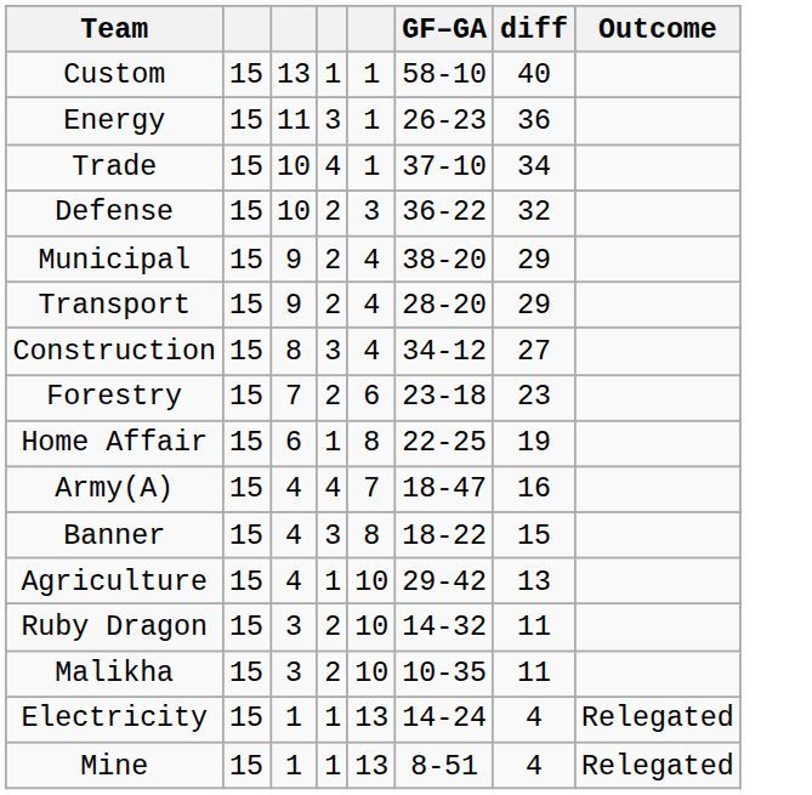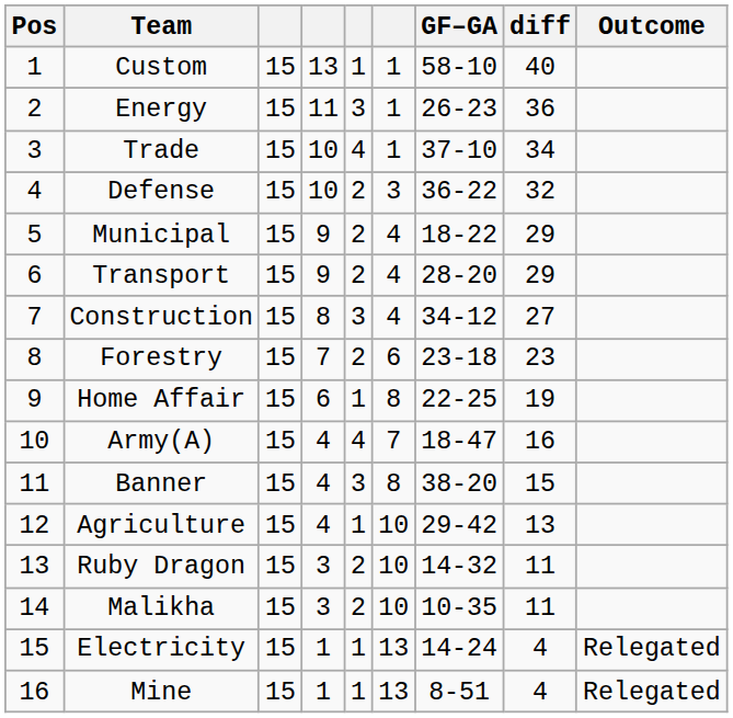 <table class="wikitable sortable" style="text-align: center;">
 <tr>
+<th align="center">Pos</th>
 <th align="center">Team</th>
 <th align="center"></th>
 <th align="center"></th>
 <th align="center"></th>
 <th align="center"></th>
 <th align="center">GF–GA</th>
 <th align="center">diff</th>
 <th align="center">Outcome</th>
 </tr>
 <tr>
+<td>1</td>
 <td>Custom</td>
 <td>15</td>
 <td>13</td>
 <td>1</td>
 <td>1</td>
 <td>58-10</td>
 <td>40</td>
 <td></td>
 </tr>
 <tr>
+<td>2</td>
 <td>Energy</td>
 <td>15</td>
 <td>11</td>
 <td>3</td>
 <td>1</td>
 <td>26-23</td>
 <td>36</td>
 <td></td>
 </tr>
 <tr>
+<td>3</td>
 <td>Trade</td>
 <td>15</td>
 <td>10</td>
 <td>4</td>
 <td>1</td>
 <td>37-10</td>
 <td>34</td>
 <td></td>
 </tr>
 <tr>
+<td>4</td>
 <td>Defense</td>
 <td>15</td>
 <td>10</td>
 <td>2</td>
 <td>3</td>
 <td>36-22</td>
 <td>32</td>
 <td></td>
 </tr>
 <tr>
+<td>5</td>
 <td>Municipal</td>
 <td>15</td>
 <td>9</td>
 <td>2</td>
 <td>4</td>
-<td>38-20</td>
+<td>18-22</td>
 <td>29</td>
 <td></td>
 </tr>
 <tr>
+<td>6</td>
 <td>Transport</td>
 <td>15</td>
 <td>9</td>
 <td>2</td>
 <td>4</td>
 <td>28-20</td>
 <td>29</td>
 <td></td>
 </tr>
 <tr>
+<td>7</td>
 <td>Construction</td>
 <td>15</td>
 <td>8</td>
 <td>3</td>
 <td>4</td>
 <td>34-12</td>
 <td>27</td>
 <td></td>
 </tr>
 <tr>
+<td>8</td>
 <td>Forestry</td>
 <td>15</td>
 <td>7</td>
 <td>2</td>
 <td>6</td>
 <td>23-18</td>
 <td>23</td>
 <td></td>
 </tr>
 <tr>
+<td>9</td>
 <td>Home Affair</td>
 <td>15</td>
 <td>6</td>
 <td>1</td>
 <td>8</td>
 <td>22-25</td>
 <td>19</td>
 <td></td>
 </tr>
 <tr>
+<td>10</td>
 <td>Army(A)</td>
 <td>15</td>
 <td>4</td>
 <td>4</td>
 <td>7</td>
 <td>18-47</td>
 <td>16</td>
 <td></td>
 </tr>
 <tr>
+<td>11</td>
 <td>Banner</td>
 <td>15</td>
 <td>4</td>
 <td>3</td>
 <td>8</td>
-<td>18-22</td>
+<td>38-20</td>
 <td>15</td>
 <td></td>
 </tr>
 <tr>
+<td>12</td>
 <td>Agriculture</td>
 <td>15</td>
 <td>4</td>
 <td>1</td>
 <td>10</td>
 <td>29-42</td>
 <td>13</td>
 <td></td>
 </tr>
 <tr>
+<td>13</td>
 <td>Ruby Dragon</td>
 <td>15</td>
 <td>3</td>
 <td>2</td>
 <td>10</td>
 <td>14-32</td>
 <td>11</td>
 <td></td>
 </tr>
 <tr>
+<td>14</td>
 <td>Malikha</td>
 <td>15</td>
 <td>3</td>
 <td>2</td>
 <td>10</td>
 <td>10-35</td>
 <td>11</td>
 <td></td>
 </tr>
 <tr>
+<td>15</td>
 <td>Electricity</td>
 <td>15</td>
 <td>1</td>
 <td>1</td>
 <td>13</td>
 <td>14-24</td>
 <td>4</td>
 <td>Relegated</td>
 </tr>
 <tr>
+<td>16</td>
 <td>Mine</td>
 <td>15</td>
 <td>1</td>
 <td>1</td>
 <td>13</td>
 <td>8-51</td>
 <td>4</td>
 <td>Relegated</td>
 </tr>
 </table>
